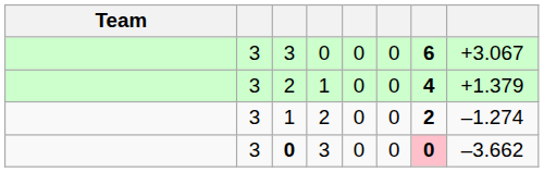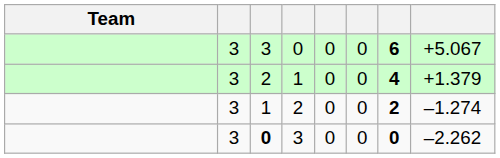 <table class="wikitable" style="text-align:center">
 <tr>
 <th style="width:175px;">Team</th>
 <th style="width:20px;"></th>
 <th style="width:20px;"></th>
 <th style="width:20px;"></th>
 <th style="width:20px;"></th>
 <th style="width:20px;"></th>
 <th style="width:20px;"></th>
 <th style="width:65px;"></th>
 </tr>
 <tr style="background:#cfc">
 <td style="text-align:left"></td>
 <td>3</td>
 <td>3</td>
 <td>0</td>
 <td>0</td>
 <td>0</td>
 <td><strong>6</strong></td>
-<td>+3.067</td>
+<td>+5.067</td>
 </tr>
 <tr style="background:#cfc">
 <td style="text-align:left"></td>
 <td>3</td>
 <td>2</td>
 <td>1</td>
 <td>0</td>
 <td>0</td>
 <td><strong>4</strong></td>
 <td>+1.379</td>
 </tr>
 <tr>
 <td style="text-align:left"></td>
 <td>3</td>
 <td>1</td>
 <td>2</td>
 <td>0</td>
 <td>0</td>
 <td><strong>2</strong></td>
 <td>–1.274</td>
 </tr>
 <tr>
 <td style="text-align:left"></td>
 <td>3</td>
 <td><strong>0</strong></td>
 <td>3</td>
 <td>0</td>
 <td>0</td>
-<td style="background: pink;"><strong>0</strong></td>
-<td>–3.662</td>
+<td><strong>0</strong></td>
+<td>–2.262</td>
 </tr>
 </table>
